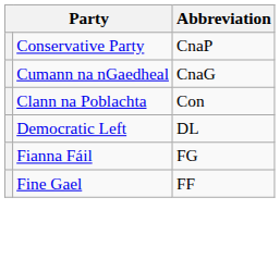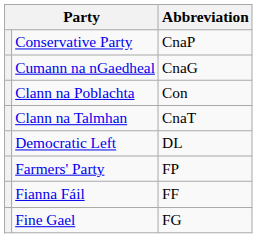 <table class="wikitable" style="font-size: 95%;">
 <tr>
 <th colspan=2>Party</th>
 <th>Abbreviation</th>
 </tr>
 <tr>
 <th style="background-color: "></th>
 <td><a href='#'>Conservative Party</a></td>
 <td>CnaP</td>
 </tr>
 <tr>
 <th style="background-color: "></th>
 <td><a href='#'>Cumann na nGaedheal</a></td>
 <td>CnaG</td>
 </tr>
 <tr>
 <th style="background-color: "></th>
 <td><a href='#'>Clann na Poblachta</a></td>
 <td>Con</td>
 </tr>
 <tr>
 <th style="background-color: "></th>
+<td><a href='#'>Clann na Talmhan</a></td>
+<td>CnaT</td>
+</tr>
+<tr>
+<th style="background-color: "></th>
 <td><a href='#'>Democratic Left</a></td>
 <td>DL</td>
 </tr>
 <tr>
 <th style="background-color: "></th>
+<td><a href='#'>Farmers' Party</a></td>
+<td>FP</td>
+</tr>
+<tr>
+<th style="background-color: "></th>
 <td><a href='#'>Fianna Fáil</a></td>
-<td>FG</td>
+<td>FF</td>
 </tr>
 <tr>
 <th style="background-color: "></th>
 <td><a href='#'>Fine Gael</a></td>
-<td>FF</td>
+<td>FG</td>
 </tr>
 </table>
